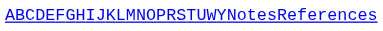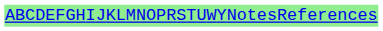 <table id="toc" class="toc" summary="Class" align="center" style="text-align:center;">
 <tr>
 <th></th>
 </tr>
 <tr>
-<td><a href='#'>A</a><a href='#'>B</a><a href='#'>C</a><a href='#'>D</a><a href='#'>E</a><a href='#'>F</a><a href='#'>G</a><a href='#'>H</a><a href='#'>I</a><a href='#'>J</a><a href='#'>K</a><a href='#'>L</a><a href='#'>M</a><a href='#'>N</a><a href='#'>O</a><a href='#'>P</a><a href='#'>R</a><a href='#'>S</a><a href='#'>T</a><a href='#'>U</a><a href='#'>W</a><a href='#'>Y</a><a href='#'>Notes</a><a href='#'>References</a></td>
+<td style="background: lightgreen;"><a href='#'>A</a><a href='#'>B</a><a href='#'>C</a><a href='#'>D</a><a href='#'>E</a><a href='#'>F</a><a href='#'>G</a><a href='#'>H</a><a href='#'>I</a><a href='#'>J</a><a href='#'>K</a><a href='#'>L</a><a href='#'>M</a><a href='#'>N</a><a href='#'>O</a><a href='#'>P</a><a href='#'>R</a><a href='#'>S</a><a href='#'>T</a><a href='#'>U</a><a href='#'>W</a><a href='#'>Y</a><a href='#'>Notes</a><a href='#'>References</a></td>
 </tr>
 </table>
